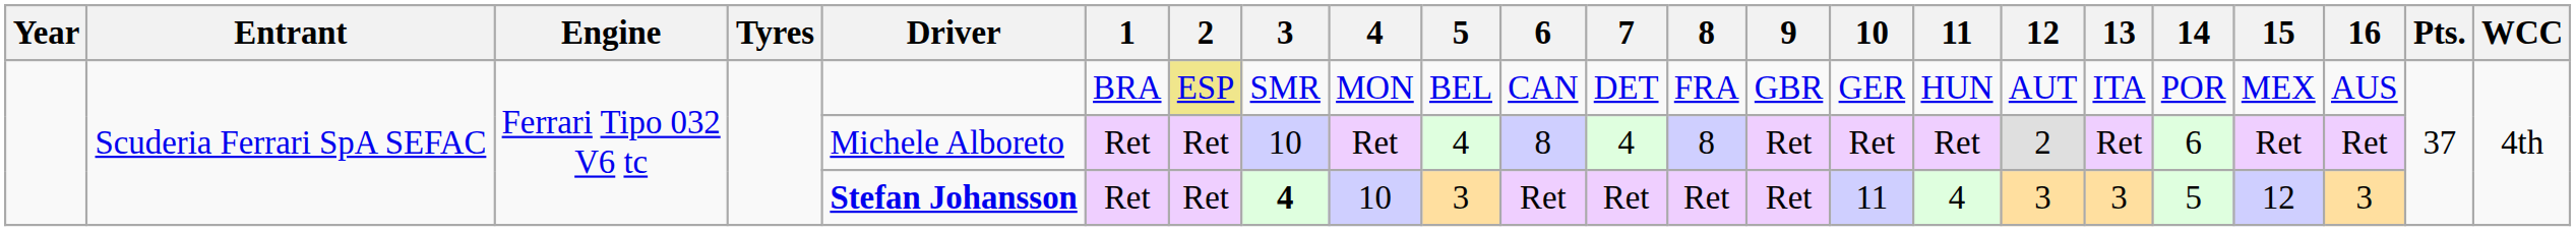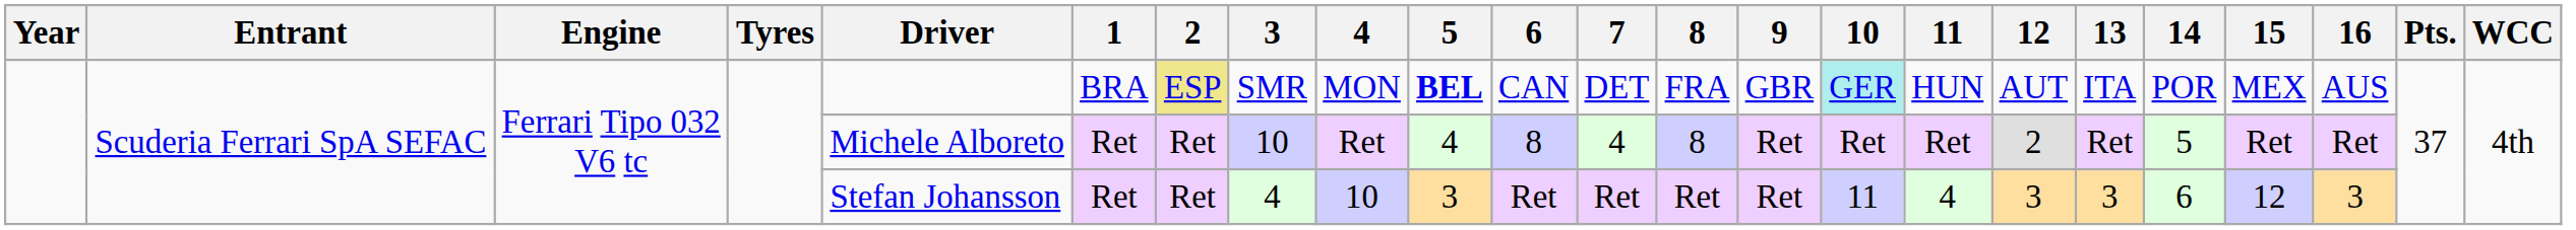 <table class="wikitable" style="text-align:center; font-size:95%">
 <tr>
 <th>Year</th>
 <th>Entrant</th>
 <th>Engine</th>
 <th>Tyres</th>
 <th>Driver</th>
 <th>1</th>
 <th>2</th>
 <th>3</th>
 <th>4</th>
 <th>5</th>
 <th>6</th>
 <th>7</th>
 <th>8</th>
 <th>9</th>
 <th>10</th>
 <th>11</th>
 <th>12</th>
 <th>13</th>
 <th>14</th>
 <th>15</th>
 <th>16</th>
 <th>Pts.</th>
 <th>WCC</th>
 </tr>
 <tr>
 <td rowspan="3"></td>
 <td rowspan="3"><a href='#'>Scuderia Ferrari SpA SEFAC</a></td>
 <td rowspan="3"><a href='#'>Ferrari</a> <a href='#'>Tipo 032</a><br><a href='#'>V6</a> <a href='#'>tc</a></td>
 <td rowspan="3"></td>
 <td></td>
 <td><a href='#'>BRA</a></td>
 <td style="background: khaki;"><a href='#'>ESP</a></td>
 <td><a href='#'>SMR</a></td>
 <td><a href='#'>MON</a></td>
-<td><a href='#'>BEL</a></td>
+<td><strong><a href='#'>BEL</a></strong></td>
 <td><a href='#'>CAN</a></td>
 <td><a href='#'>DET</a></td>
 <td><a href='#'>FRA</a></td>
 <td><a href='#'>GBR</a></td>
-<td><a href='#'>GER</a></td>
+<td style="background: paleturquoise;"><a href='#'>GER</a></td>
 <td><a href='#'>HUN</a></td>
 <td><a href='#'>AUT</a></td>
 <td><a href='#'>ITA</a></td>
 <td><a href='#'>POR</a></td>
 <td><a href='#'>MEX</a></td>
 <td><a href='#'>AUS</a></td>
 <td rowspan="3">37</td>
 <td rowspan="3">4th</td>
 </tr>
 <tr>
 <td align="left"><a href='#'>Michele Alboreto</a></td>
 <td style="background:#efcfff;">Ret</td>
 <td style="background:#efcfff;">Ret</td>
 <td style="background:#cfcfff;">10</td>
 <td style="background:#efcfff;">Ret</td>
 <td style="background:#dfffdf;">4</td>
 <td style="background:#cfcfff;">8</td>
 <td style="background:#dfffdf;">4</td>
 <td style="background:#cfcfff;">8</td>
 <td style="background:#efcfff;">Ret</td>
 <td style="background:#efcfff;">Ret</td>
 <td style="background:#efcfff;">Ret</td>
 <td style="background:#dfdfdf;">2</td>
 <td style="background:#efcfff;">Ret</td>
-<td style="background:#dfffdf;">6</td>
+<td style="background:#dfffdf;">5</td>
 <td style="background:#efcfff;">Ret</td>
 <td style="background:#efcfff;">Ret</td>
 </tr>
 <tr>
-<td align="left"><strong><a href='#'>Stefan Johansson</a></strong></td>
+<td align="left"><a href='#'>Stefan Johansson</a></td>
 <td style="background:#efcfff;">Ret</td>
 <td style="background:#efcfff;">Ret</td>
-<td style="background:#dfffdf;"><strong>4</strong></td>
+<td style="background:#dfffdf;">4</td>
 <td style="background:#cfcfff;">10</td>
 <td style="background:#ffdf9f;">3</td>
 <td style="background:#efcfff;">Ret</td>
 <td style="background:#efcfff;">Ret</td>
 <td style="background:#efcfff;">Ret</td>
 <td style="background:#efcfff;">Ret</td>
 <td style="background:#cfcfff;">11</td>
 <td style="background:#dfffdf;">4</td>
 <td style="background:#ffdf9f;">3</td>
 <td style="background:#ffdf9f;">3</td>
-<td style="background:#dfffdf;">5</td>
+<td style="background:#dfffdf;">6</td>
 <td style="background:#cfcfff;">12</td>
 <td style="background:#ffdf9f;">3</td>
 </tr>
 </table>
